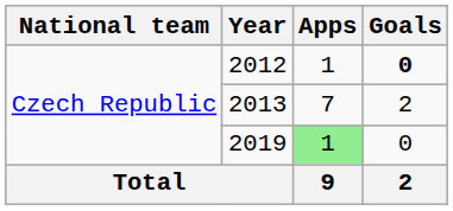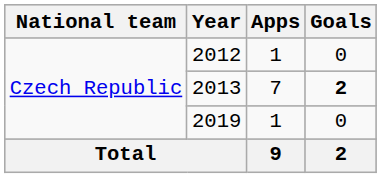 <table class="wikitable" style="text-align:center">
 <tr>
 <th>National team</th>
 <th>Year</th>
 <th>Apps</th>
 <th>Goals</th>
 </tr>
 <tr>
 <td rowspan="3"><a href='#'>Czech Republic</a></td>
 <td>2012</td>
 <td>1</td>
-<td><strong>0</strong></td>
+<td>0</td>
 </tr>
 <tr>
 <td>2013</td>
 <td>7</td>
-<td>2</td>
+<td><strong>2</strong></td>
 </tr>
 <tr>
 <td>2019</td>
-<td style="background: lightgreen;">1</td>
+<td>1</td>
 <td>0</td>
 </tr>
 <tr>
 <th colspan="2">Total</th>
 <th>9</th>
 <th>2</th>
 </tr>
 </table>
